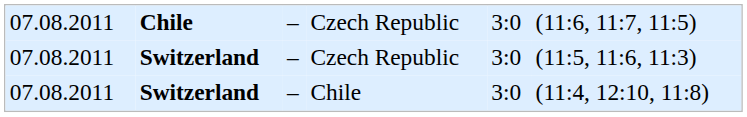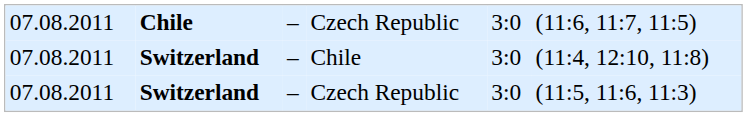 <table style="background:#; border:1px #bbb solid;" cellpadding="3" cellspacing="0" width="40%">
 <tr style="background:#DDEEFF;">
 <td>07.08.2011</td>
 <td><strong>Chile</strong></td>
 <td>–</td>
 <td>Czech Republic</td>
 <td>3:0</td>
 <td>(11:6, 11:7, 11:5)</td>
 </tr>
 <tr style="background:#DDEEFF;">
 <td>07.08.2011</td>
 <td><strong>Switzerland</strong></td>
 <td>–</td>
-<td>Czech Republic</td>
+<td>Chile</td>
 <td>3:0</td>
-<td>(11:5, 11:6, 11:3)</td>
+<td>(11:4, 12:10, 11:8)</td>
 </tr>
 <tr style="background:#DDEEFF;">
 <td>07.08.2011</td>
 <td><strong>Switzerland</strong></td>
 <td>–</td>
-<td>Chile</td>
+<td>Czech Republic</td>
 <td>3:0</td>
-<td>(11:4, 12:10, 11:8)</td>
+<td>(11:5, 11:6, 11:3)</td>
 </tr>
 </table>
